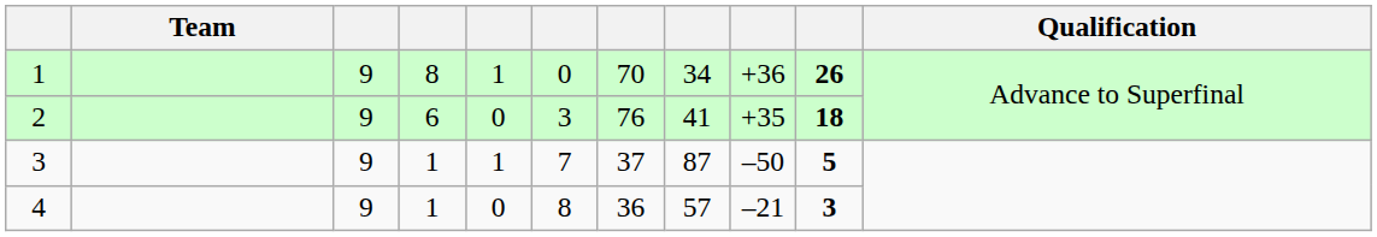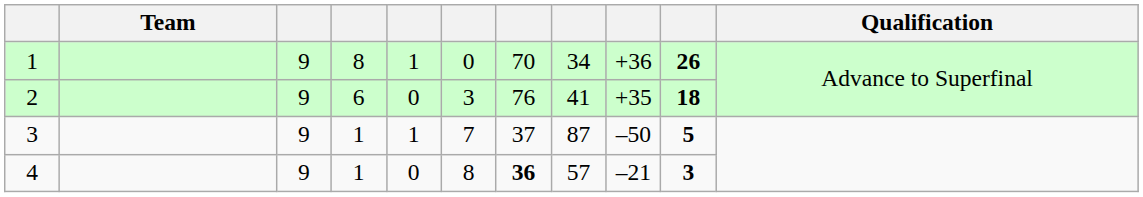 <table class="wikitable" style="text-align: center; font-size: 100%;">
 <tr>
 <th width="30"></th>
 <th width="140">Team</th>
 <th width="30"></th>
 <th width="30"></th>
 <th width="30"></th>
 <th width="30"></th>
 <th width="30"></th>
 <th width="30"></th>
 <th width="30"></th>
 <th width="30"></th>
 <th width="280">Qualification</th>
 </tr>
 <tr style="background-color: #ccffcc;">
 <td>1</td>
 <td align=left></td>
 <td>9</td>
 <td>8</td>
 <td>1</td>
 <td>0</td>
 <td>70</td>
 <td>34</td>
 <td>+36</td>
 <td><strong>26</strong></td>
 <td rowspan="2">Advance to Superfinal</td>
 </tr>
 <tr style="background-color: #ccffcc;">
 <td>2</td>
 <td align=left></td>
 <td>9</td>
 <td>6</td>
 <td>0</td>
 <td>3</td>
 <td>76</td>
 <td>41</td>
 <td>+35</td>
 <td><strong>18</strong></td>
 </tr>
 <tr style="background-color:">
 <td>3</td>
 <td align=left></td>
 <td>9</td>
 <td>1</td>
 <td>1</td>
 <td>7</td>
 <td>37</td>
 <td>87</td>
 <td>–50</td>
 <td><strong>5</strong></td>
 <td rowspan="2"></td>
 </tr>
 <tr style="background-color:">
 <td>4</td>
 <td align=left></td>
 <td>9</td>
 <td>1</td>
 <td>0</td>
 <td>8</td>
-<td>36</td>
+<td><strong>36</strong></td>
 <td>57</td>
 <td>–21</td>
 <td><strong>3</strong></td>
 </tr>
 </table>
